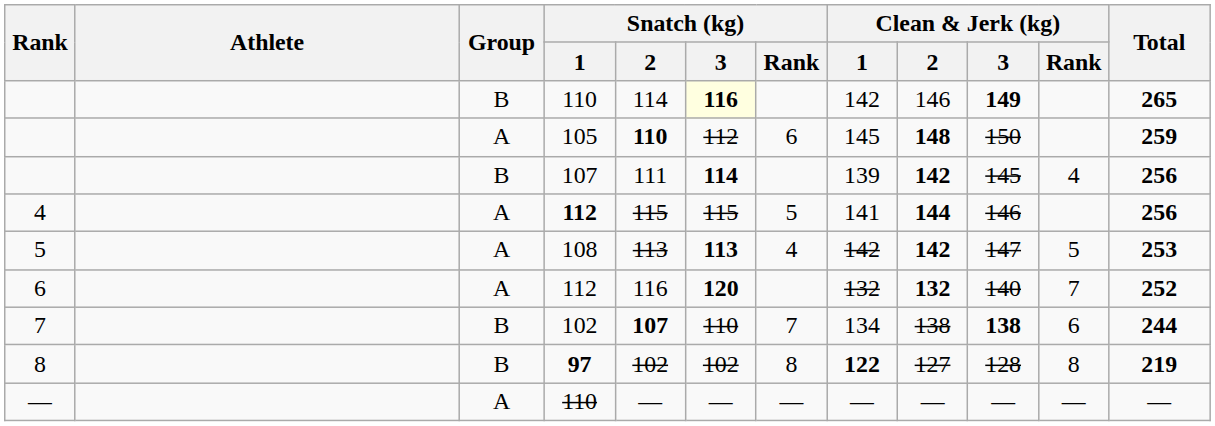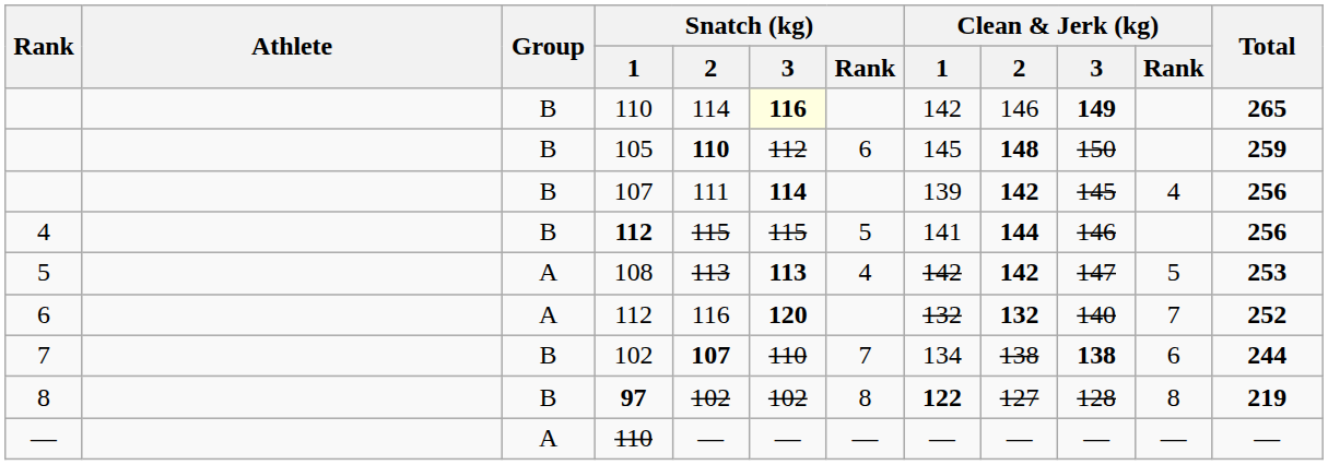 <table class = "wikitable" style="text-align:center;">
 <tr>
 <th rowspan=2 width=40>Rank</th>
 <th rowspan=2 width=250>Athlete</th>
 <th rowspan=2 width=50>Group</th>
 <th colspan=4>Snatch (kg)</th>
 <th colspan=4>Clean & Jerk (kg)</th>
 <th rowspan=2 width=60>Total</th>
 </tr>
 <tr>
 <th width=40>1</th>
 <th width=40>2</th>
 <th width=40>3</th>
 <th width=40>Rank</th>
 <th width=40>1</th>
 <th width=40>2</th>
 <th width=40>3</th>
 <th width=40>Rank</th>
 </tr>
 <tr>
 <td></td>
 <td align=left></td>
 <td>B</td>
 <td>110</td>
 <td>114</td>
 <td style="background: lightyellow;"><strong>116</strong></td>
 <td></td>
 <td>142</td>
 <td>146</td>
 <td><strong>149</strong></td>
 <td></td>
 <td><strong>265</strong></td>
 </tr>
 <tr>
 <td></td>
 <td align=left></td>
-<td>A</td>
+<td>B</td>
 <td>105</td>
 <td><strong>110</strong></td>
 <td><s>112</s></td>
 <td>6</td>
 <td>145</td>
 <td><strong>148</strong></td>
 <td><s>150</s></td>
 <td></td>
 <td><strong>259</strong></td>
 </tr>
 <tr>
 <td></td>
 <td align=left></td>
 <td>B</td>
 <td>107</td>
 <td>111</td>
 <td><strong>114</strong></td>
 <td></td>
 <td>139</td>
 <td><strong>142</strong></td>
 <td><s>145</s></td>
 <td>4</td>
 <td><strong>256</strong></td>
 </tr>
 <tr>
 <td>4</td>
 <td align=left></td>
-<td>A</td>
+<td>B</td>
 <td><strong>112</strong></td>
 <td><s>115</s></td>
 <td><s>115</s></td>
 <td>5</td>
 <td>141</td>
 <td><strong>144</strong></td>
 <td><s>146</s></td>
 <td></td>
 <td><strong>256</strong></td>
 </tr>
 <tr>
 <td>5</td>
 <td align=left></td>
 <td>A</td>
 <td>108</td>
 <td><s>113</s></td>
 <td><strong>113</strong></td>
 <td>4</td>
 <td><s>142</s></td>
 <td><strong>142</strong></td>
 <td><s>147</s></td>
 <td>5</td>
 <td><strong>253</strong></td>
 </tr>
 <tr>
 <td>6</td>
 <td align=left></td>
 <td>A</td>
 <td>112</td>
 <td>116</td>
 <td><strong>120</strong></td>
 <td></td>
 <td><s>132</s></td>
 <td><strong>132</strong></td>
 <td><s>140</s></td>
 <td>7</td>
 <td><strong>252</strong></td>
 </tr>
 <tr>
 <td>7</td>
 <td align=left></td>
 <td>B</td>
 <td>102</td>
 <td><strong>107</strong></td>
 <td><s>110</s></td>
 <td>7</td>
 <td>134</td>
 <td><s>138</s></td>
 <td><strong>138</strong></td>
 <td>6</td>
 <td><strong>244</strong></td>
 </tr>
 <tr>
 <td>8</td>
 <td align=left></td>
 <td>B</td>
 <td><strong>97</strong></td>
 <td><s>102</s></td>
 <td><s>102</s></td>
 <td>8</td>
 <td><strong>122</strong></td>
 <td><s>127</s></td>
 <td><s>128</s></td>
 <td>8</td>
 <td><strong>219</strong></td>
 </tr>
 <tr>
 <td>—</td>
 <td align=left></td>
 <td>A</td>
 <td><s>110</s></td>
 <td>—</td>
 <td>—</td>
 <td>—</td>
 <td>—</td>
 <td>—</td>
 <td>—</td>
 <td>—</td>
 <td>—</td>
 </tr>
 </table>
